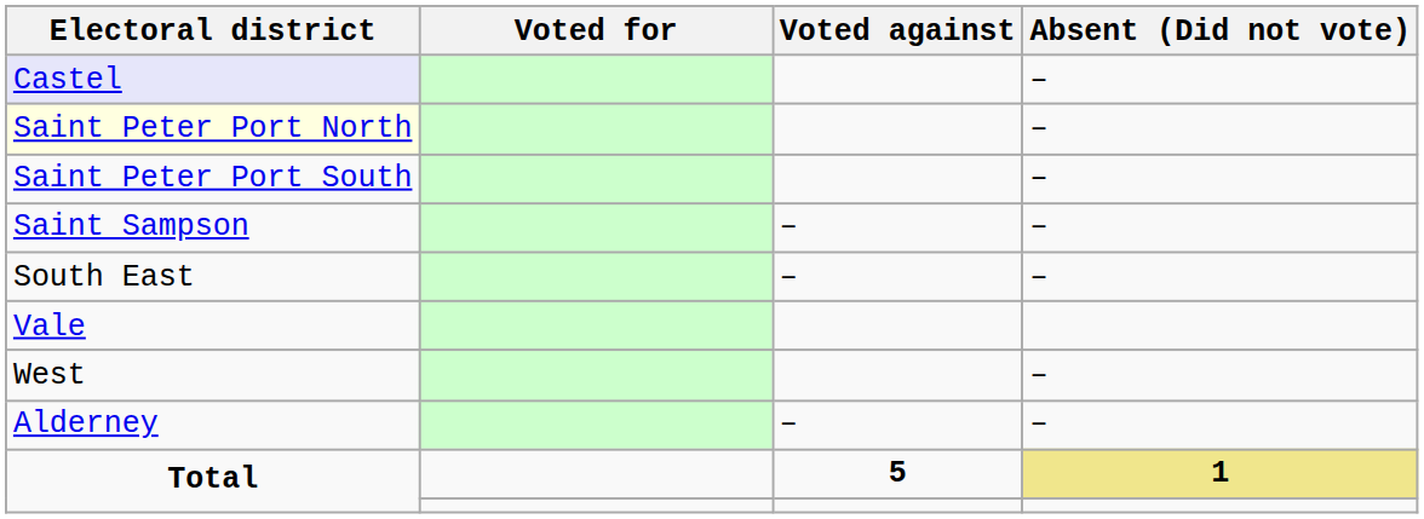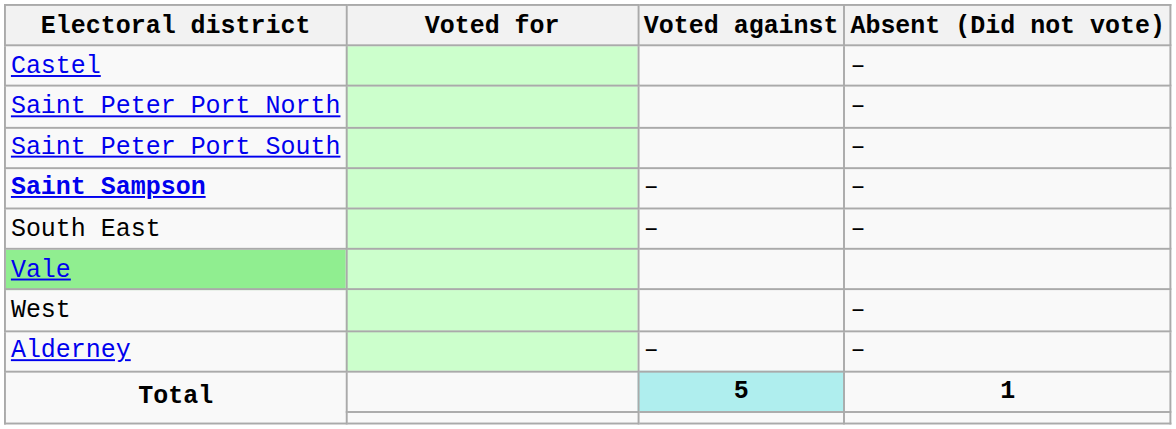 <table class="wikitable">
 <tr>
 <th>Electoral district</th>
 <th style="width:25%;">Voted for</th>
 <th>Voted against</th>
 <th>Absent (Did not vote)</th>
 </tr>
 <tr>
-<td style="background: lavender;"><a href='#'>Castel</a></td>
+<td><a href='#'>Castel</a></td>
 <td style="background-color:#CCFFCC;"></td>
 <td></td>
 <td>–</td>
 </tr>
 <tr>
-<td style="background: lightyellow;"><a href='#'>Saint Peter Port North</a></td>
+<td><a href='#'>Saint Peter Port North</a></td>
 <td style="background-color:#CCFFCC;"></td>
 <td></td>
 <td>–</td>
 </tr>
 <tr>
 <td><a href='#'>Saint Peter Port South</a></td>
 <td style="background-color:#CCFFCC;"></td>
 <td></td>
 <td>–</td>
 </tr>
 <tr>
-<td><a href='#'>Saint Sampson</a></td>
+<td><strong><a href='#'>Saint Sampson</a></strong></td>
 <td style="background-color:#CCFFCC;"></td>
 <td>–</td>
 <td>–</td>
 </tr>
 <tr>
 <td>South East</td>
 <td style="background-color:#CCFFCC;"></td>
 <td>–</td>
 <td>–</td>
 </tr>
 <tr>
-<td><a href='#'>Vale</a></td>
+<td style="background: lightgreen;"><a href='#'>Vale</a></td>
 <td style="background-color:#CCFFCC;"></td>
 <td></td>
 <td></td>
 </tr>
 <tr>
 <td>West</td>
 <td style="background-color:#CCFFCC;"></td>
 <td></td>
 <td>–</td>
 </tr>
 <tr>
 <td><a href='#'>Alderney</a></td>
 <td style="background-color:#CCFFCC;"></td>
 <td>–</td>
 <td>–</td>
 </tr>
 <tr>
 <td style="text-align:center;" rowspan="2"><strong>Total</strong></td>
 <td></td>
-<td style="text-align:center;"><strong>5</strong></td>
-<td style="background: khaki; text-align:center;"><strong>1</strong></td>
+<td style="background: paleturquoise; text-align:center;"><strong>5</strong></td>
+<td style="text-align:center;"><strong>1</strong></td>
 </tr>
 <tr>
 <td style="text-align:center;"></td>
 <td style="text-align:center;"></td>
 <td style="text-align:center;"></td>
 </tr>
 </table>
